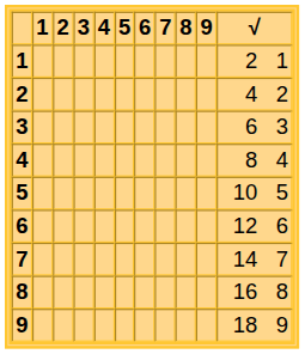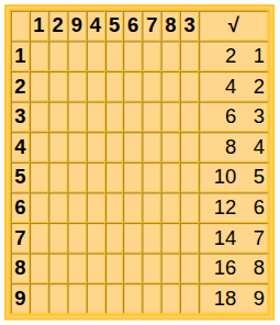 <table border="1" cellpadding="2" cellspacing="0" style="background:#ffd78c;border:thick double #ffc731;">
 <tr>
 <th> </th>
 <th>1</th>
 <th>2</th>
-<th>3</th>
+<th>9</th>
 <th>4</th>
 <th>5</th>
 <th>6</th>
 <th>7</th>
 <th>8</th>
-<th>9</th>
+<th>3</th>
 <th>√</th>
 </tr>
 <tr align=right>
 <td><strong>1</strong></td>
 <td></td>
 <td></td>
 <td></td>
 <td></td>
 <td></td>
 <td></td>
 <td></td>
 <td></td>
 <td></td>
 <td>     2   1</td>
 </tr>
 <tr align=right>
 <td><strong>2</strong></td>
 <td></td>
 <td></td>
 <td></td>
 <td></td>
 <td></td>
 <td></td>
 <td></td>
 <td></td>
 <td></td>
 <td>     4   2</td>
 </tr>
 <tr align=right>
 <td><strong>3</strong></td>
 <td></td>
 <td></td>
 <td></td>
 <td></td>
 <td></td>
 <td></td>
 <td></td>
 <td></td>
 <td></td>
 <td>     6   3</td>
 </tr>
 <tr align=right>
 <td><strong>4</strong></td>
 <td></td>
 <td></td>
 <td></td>
 <td></td>
 <td></td>
 <td></td>
 <td></td>
 <td></td>
 <td></td>
 <td>     8   4</td>
 </tr>
 <tr align=right>
 <td><strong>5</strong></td>
 <td></td>
 <td></td>
 <td></td>
 <td></td>
 <td></td>
 <td></td>
 <td></td>
 <td></td>
 <td></td>
 <td>   10   5</td>
 </tr>
 <tr align=right>
 <td><strong>6</strong></td>
 <td></td>
 <td></td>
 <td></td>
 <td></td>
 <td></td>
 <td></td>
 <td></td>
 <td></td>
 <td></td>
 <td>   12   6</td>
 </tr>
 <tr align=right>
 <td><strong>7</strong></td>
 <td></td>
 <td></td>
 <td></td>
 <td></td>
 <td></td>
 <td></td>
 <td></td>
 <td></td>
 <td></td>
 <td>   14   7</td>
 </tr>
 <tr align=right>
 <td><strong>8</strong></td>
 <td></td>
 <td></td>
 <td></td>
 <td></td>
 <td></td>
 <td></td>
 <td></td>
 <td></td>
 <td></td>
 <td>   16   8</td>
 </tr>
 <tr align=right>
 <td><strong>9</strong></td>
 <td></td>
 <td></td>
 <td></td>
 <td></td>
 <td></td>
 <td></td>
 <td></td>
 <td></td>
 <td></td>
 <td>   18   9</td>
 </tr>
 </table>
